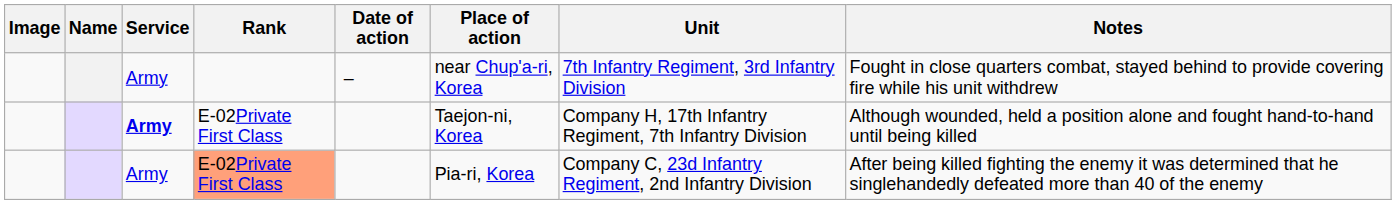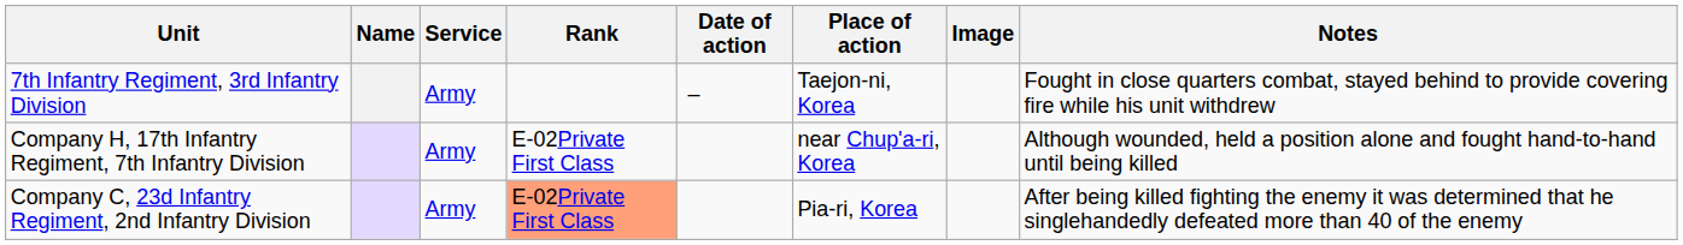 <table class="wikitable sortable plainrowheaders" width="98%">
 <tr>
-<th scope=col class="unsortable">Image</th>
+<th scope=col>Unit</th>
 <th scope=col>Name</th>
 <th scope=col>Service</th>
 <th scope=col>Rank</th>
 <th scope=col>Date of action</th>
 <th scope=col>Place of action</th>
-<th scope=col>Unit</th>
+<th scope=col class="unsortable">Image</th>
 <th scope=col class="unsortable">Notes</th>
 </tr>
 <tr>
-<td></td>
+<td><a href='#'>7th Infantry Regiment</a>, <a href='#'>3rd Infantry Division</a></td>
 <th scope=row></th>
 <td><a href='#'>Army</a></td>
 <td></td>
 <td> –<br></td>
-<td>near <a href='#'>Chup'a-ri</a>, <a href='#'>Korea</a></td>
-<td><a href='#'>7th Infantry Regiment</a>, <a href='#'>3rd Infantry Division</a></td>
+<td>Taejon-ni, <a href='#'>Korea</a></td>
+<td></td>
 <td>Fought in close quarters combat, stayed behind to provide covering fire while his unit withdrew</td>
 </tr>
 <tr>
-<td></td>
+<td>Company H, 17th Infantry Regiment, 7th Infantry Division</td>
 <th scope=row style="background:#e3d9ff;"></th>
-<td><strong><a href='#'>Army</a></strong></td>
+<td><a href='#'>Army</a></td>
 <td><span>E-02</span><a href='#'>Private First Class</a></td>
 <td></td>
-<td>Taejon-ni, <a href='#'>Korea</a></td>
-<td>Company H, 17th Infantry Regiment, 7th Infantry Division</td>
+<td>near <a href='#'>Chup'a-ri</a>, <a href='#'>Korea</a></td>
+<td></td>
 <td>Although wounded, held a position alone and fought hand-to-hand until being killed</td>
 </tr>
 <tr>
-<td></td>
+<td>Company C, <a href='#'>23d Infantry Regiment</a>, 2nd Infantry Division</td>
 <th scope=row style="background:#e3d9ff;"></th>
 <td><a href='#'>Army</a></td>
 <td style="background: lightsalmon;"><span>E-02</span><a href='#'>Private First Class</a></td>
 <td></td>
 <td>Pia-ri, <a href='#'>Korea</a></td>
-<td>Company C, <a href='#'>23d Infantry Regiment</a>, 2nd Infantry Division</td>
+<td></td>
 <td>After being killed fighting the enemy it was determined that he singlehandedly defeated more than 40 of the enemy</td>
 </tr>
 </table>
